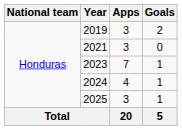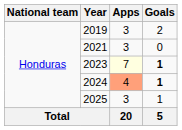 <table class="wikitable" style="text-align:center">
 <tr>
 <th>National team</th>
 <th>Year</th>
 <th>Apps</th>
 <th>Goals</th>
 </tr>
 <tr>
 <td rowspan="5"><a href='#'>Honduras</a></td>
 <td>2019</td>
 <td>3</td>
 <td>2</td>
 </tr>
 <tr>
 <td>2021</td>
 <td>3</td>
 <td>0</td>
 </tr>
 <tr>
 <td>2023</td>
-<td>7</td>
-<td>1</td>
+<td style="background: lightyellow;">7</td>
+<td><strong>1</strong></td>
 </tr>
 <tr>
 <td>2024</td>
-<td>4</td>
-<td>1</td>
+<td style="background: lightsalmon;">4</td>
+<td><strong>1</strong></td>
 </tr>
 <tr>
 <td>2025</td>
 <td>3</td>
 <td>1</td>
 </tr>
 <tr>
 <th colspan="2">Total</th>
 <th>20</th>
 <th>5</th>
 </tr>
 </table>
